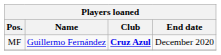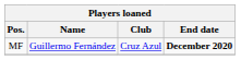 <table class="wikitable" style="font-size:95%;">
 <tr>
 <th colspan="6">Players loaned</th>
 </tr>
 <tr>
 <th>Pos.</th>
 <th>Name</th>
 <th>Club</th>
 <th>End date</th>
 </tr>
 <tr>
 <td align="center">MF</td>
 <td> <a href='#'>Guillermo Fernández</a></td>
-<td><strong> <a href='#'>Cruz Azul</a></strong></td>
-<td>December 2020</td>
+<td> <a href='#'>Cruz Azul</a></td>
+<td><strong>December 2020</strong></td>
 </tr>
 <tr>
 </tr>
 </table>
